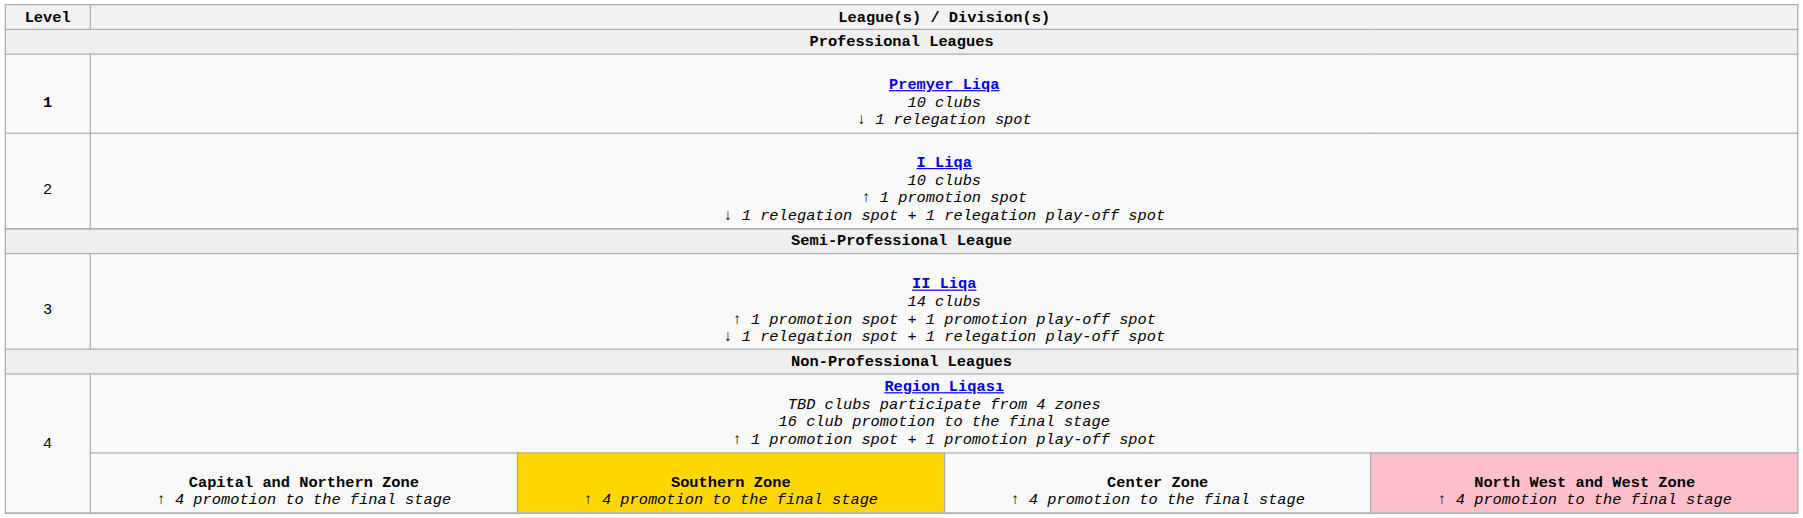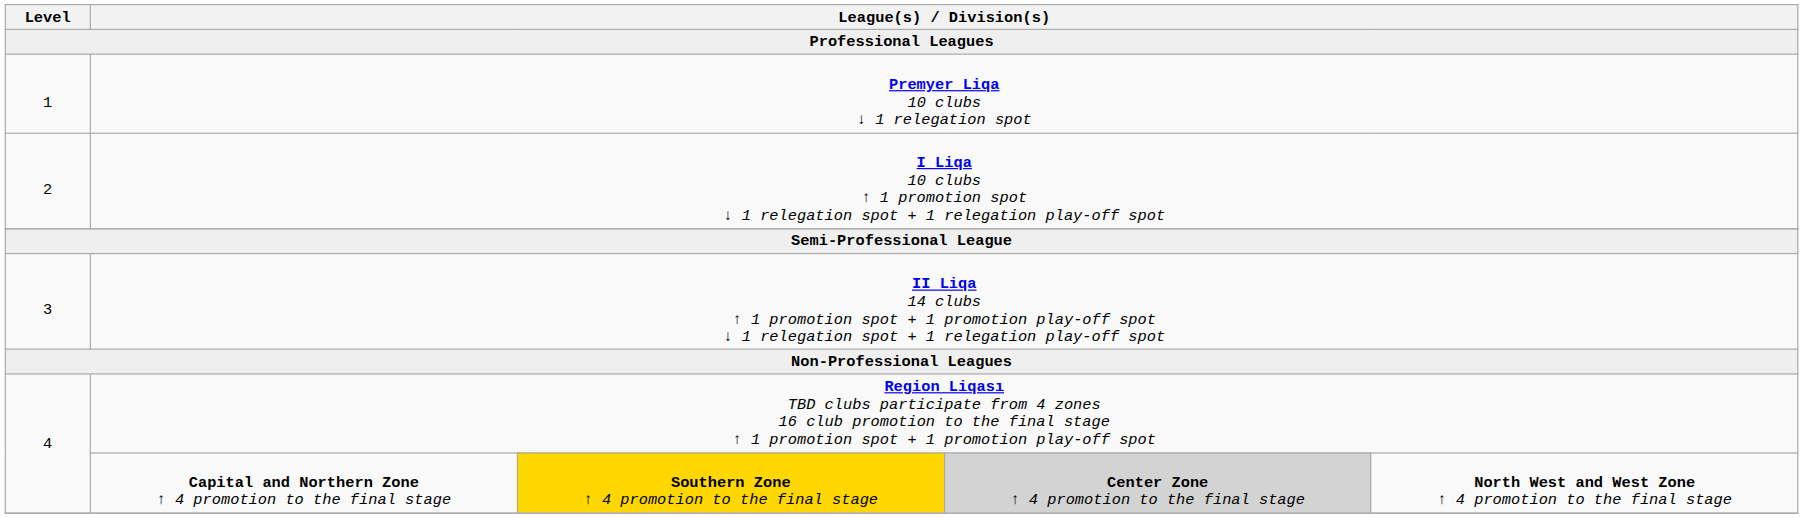 <table class="wikitable" style="margin:1em auto; text-align:center; width:96%;">
 <tr>
 <th width=4%>Level</th>
 <th colspan="6" width="96%">League(s) / Division(s)</th>
 </tr>
 <tr style="background:#efefef;">
 <td colspan="7" style="text-align:center"><strong>Professional Leagues</strong></td>
 </tr>
 <tr>
-<td><strong><br>1</strong></td>
+<td><br>1</td>
 <td colspan="7"><br><strong><a href='#'>Premyer Liqa</a></strong><br><em>10 clubs<br>↓ 1 relegation spot</em></td>
 </tr>
 <tr>
 <td><br>2</td>
 <td colspan="7"><br><strong><a href='#'>I Liqa</a></strong><br><em>10 clubs<br>↑ 1 promotion spot<br>↓ 1 relegation spot + 1 relegation play-off spot</em></td>
 </tr>
 <tr>
 </tr>
 <tr style="background:#efefef;">
 <td colspan="7" style="text-align:center"><strong>Semi-Professional League</strong></td>
 </tr>
 <tr>
 <td><br>3</td>
 <td colspan="7"><br><strong><a href='#'>II Liqa</a></strong><br><em>14 clubs<br>↑ 1 promotion spot + 1 promotion play-off spot<br>↓ 1 relegation spot + 1 relegation play-off spot</em></td>
 </tr>
 <tr style="background:#efefef;">
 <td colspan="7" style="text-align:center"><strong>Non-Professional Leagues</strong></td>
 </tr>
 <tr>
 <td rowspan="2">4</td>
 <td colspan="5"><strong><a href='#'>Region Liqası</a></strong><br><em>TBD clubs participate from 4 zones<br>16 club promotion to the final stage<br>↑ 1 promotion spot + 1 promotion play-off spot</em></td>
 </tr>
 <tr>
 <td width="20%"><br><strong>Capital and Northern Zone</strong><br> <em>↑ 4 promotion to the final stage</em></td>
 <td width="20%" style="background: gold;"><br><strong>Southern Zone</strong><br> <em>↑ 4 promotion to the final stage</em></td>
-<td width="20%"><br><strong>Center Zone</strong><br> <em>↑ 4 promotion to the final stage</em></td>
-<td width="20%" style="background: pink;"><br><strong>North West and West Zone</strong><br> <em>↑ 4 promotion to the final stage</em></td>
+<td width="20%" style="background: lightgrey;"><br><strong>Center Zone</strong><br> <em>↑ 4 promotion to the final stage</em></td>
+<td width="20%"><br><strong>North West and West Zone</strong><br> <em>↑ 4 promotion to the final stage</em></td>
 </tr>
 <tr>
 </tr>
 </table>
